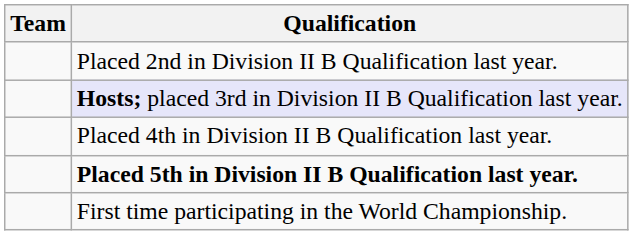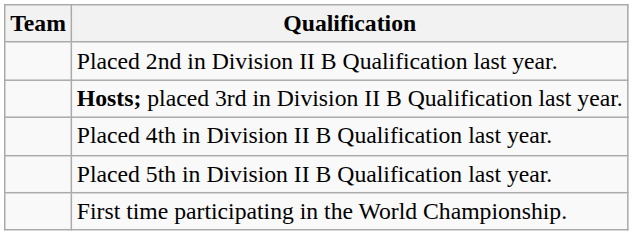 <table class="wikitable">
 <tr>
 <th>Team</th>
 <th>Qualification</th>
 </tr>
 <tr>
 <td></td>
 <td>Placed 2nd in Division II B Qualification last year.</td>
 </tr>
 <tr>
 <td></td>
-<td style="background: lavender;"><strong>Hosts;</strong> placed 3rd in Division II B Qualification last year.</td>
+<td><strong>Hosts;</strong> placed 3rd in Division II B Qualification last year.</td>
 </tr>
 <tr>
 <td></td>
 <td>Placed 4th in Division II B Qualification last year.</td>
 </tr>
 <tr>
 <td></td>
-<td><strong>Placed 5th in Division II B Qualification last year.</strong></td>
+<td>Placed 5th in Division II B Qualification last year.</td>
 </tr>
 <tr>
 <td></td>
 <td>First time participating in the World Championship.</td>
 </tr>
 </table>
